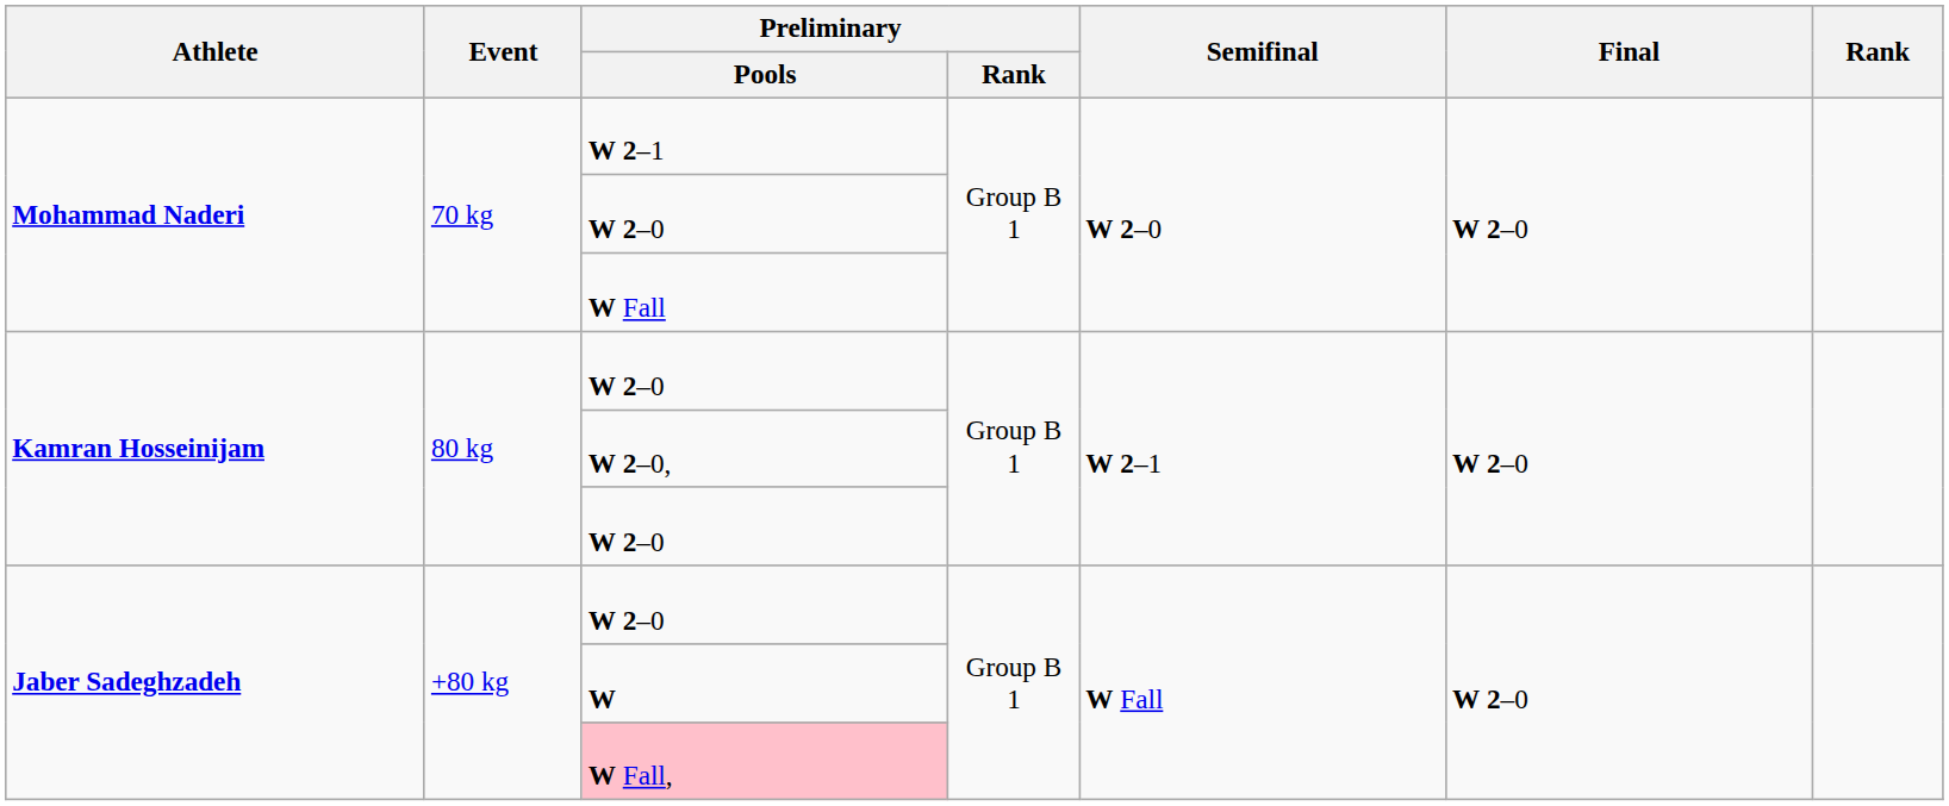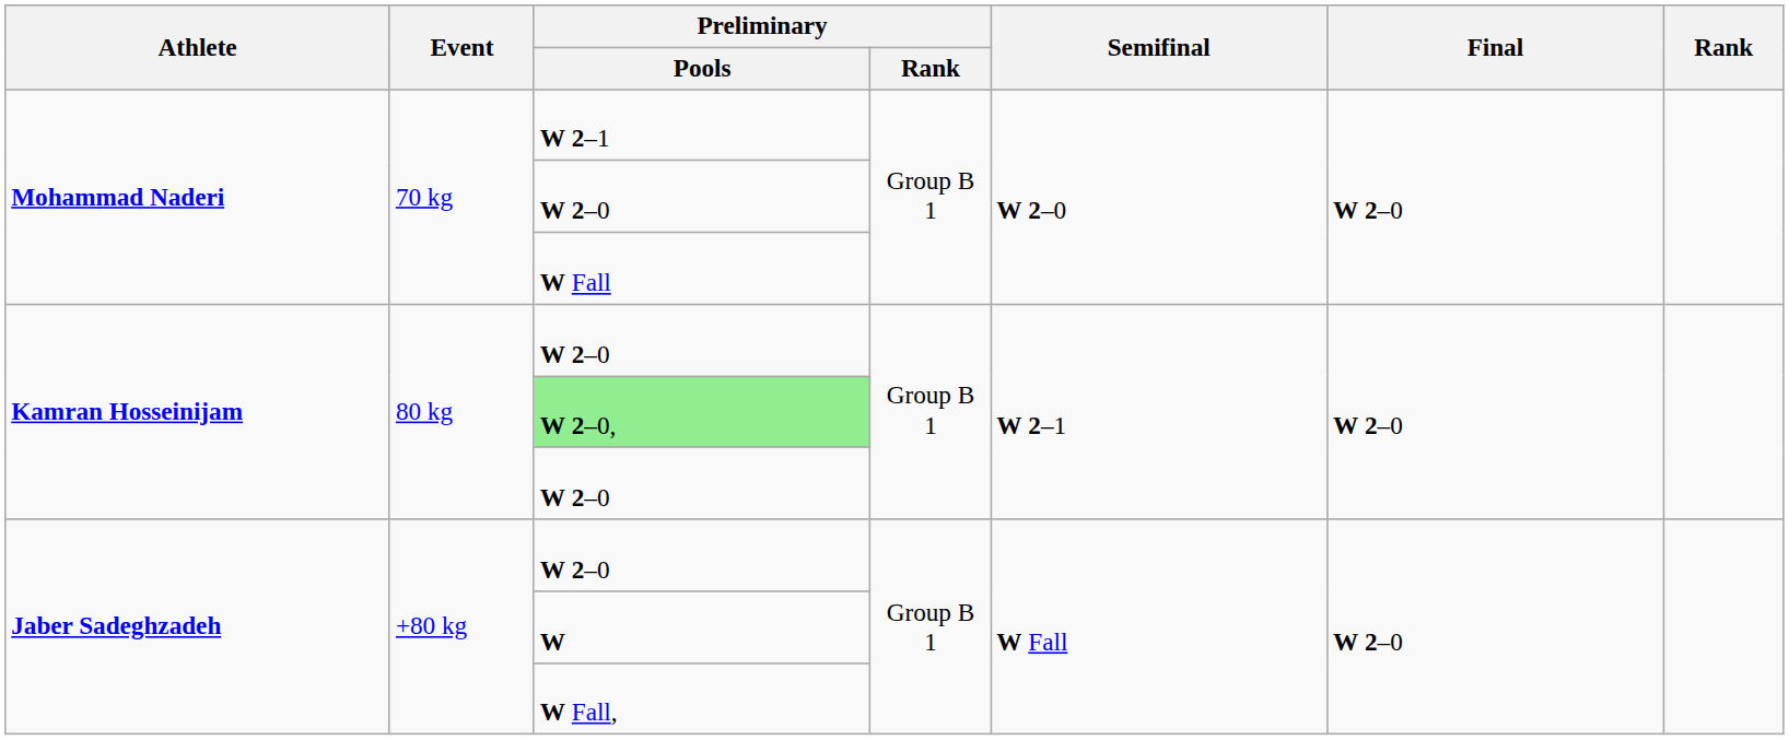 <table class="wikitable" width="80%" style="text-align:left; font-size:90%">
 <tr>
 <th rowspan="2" width="16%">Athlete</th>
 <th rowspan="2" width="6%">Event</th>
 <th colspan="2">Preliminary</th>
 <th rowspan="2" width="14%">Semifinal</th>
 <th rowspan="2" width="14%">Final</th>
 <th rowspan="2" width="5%">Rank</th>
 </tr>
 <tr>
 <th width="14%">Pools</th>
 <th width="5%">Rank</th>
 </tr>
 <tr>
 <td rowspan=3><strong><a href='#'>Mohammad Naderi</a></strong></td>
 <td rowspan=3><a href='#'>70 kg</a></td>
 <td><br><strong>W</strong> <strong>2</strong>–1</td>
 <td rowspan=3 align=center>Group B<br>1 <strong></strong></td>
 <td rowspan=3><br><strong>W</strong> <strong>2</strong>–0</td>
 <td rowspan=3><br><strong>W</strong> <strong>2</strong>–0</td>
 <td rowspan=3 align=center></td>
 </tr>
 <tr>
 <td><br><strong>W</strong> <strong>2</strong>–0</td>
 </tr>
 <tr>
 <td><br><strong>W</strong> <a href='#'>Fall</a></td>
 </tr>
 <tr>
 <td rowspan=3><strong><a href='#'>Kamran Hosseinijam</a></strong></td>
 <td rowspan=3><a href='#'>80 kg</a></td>
 <td><br><strong>W</strong> <strong>2</strong>–0</td>
 <td rowspan=3 align=center>Group B<br>1 <strong></strong></td>
 <td rowspan=3><br><strong>W</strong> <strong>2</strong>–1</td>
 <td rowspan=3><br><strong>W</strong> <strong>2</strong>–0</td>
 <td rowspan=3 align=center></td>
 </tr>
 <tr>
-<td><br><strong>W</strong> <strong>2</strong>–0, </td>
+<td style="background: lightgreen;"><br><strong>W</strong> <strong>2</strong>–0, </td>
 </tr>
 <tr>
 <td><br><strong>W</strong> <strong>2</strong>–0</td>
 </tr>
 <tr>
 <td rowspan=3><strong><a href='#'>Jaber Sadeghzadeh</a></strong></td>
 <td rowspan=3><a href='#'>+80 kg</a></td>
 <td><br><strong>W</strong> <strong>2</strong>–0</td>
 <td rowspan=3 align=center>Group B<br>1 <strong></strong></td>
 <td rowspan=3><br><strong>W</strong> <a href='#'>Fall</a></td>
 <td rowspan=3><br><strong>W</strong> <strong>2</strong>–0</td>
 <td rowspan=3 align=center></td>
 </tr>
 <tr>
 <td><br><strong>W</strong> </td>
 </tr>
 <tr>
-<td style="background: pink;"><br><strong>W</strong> <a href='#'>Fall</a>, </td>
+<td><br><strong>W</strong> <a href='#'>Fall</a>, </td>
 </tr>
 </table>
